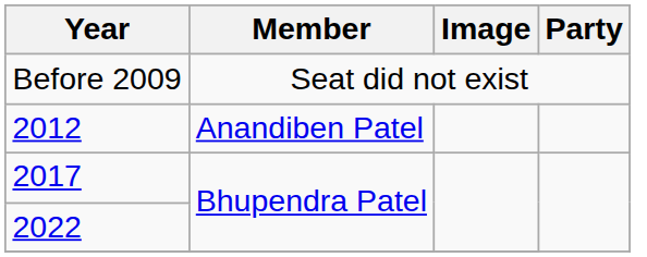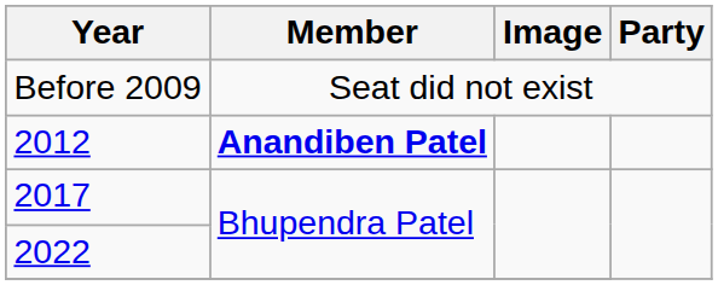 <table class="wikitable sortable">
 <tr>
 <th>Year</th>
 <th>Member</th>
 <th>Image</th>
 <th colspan="2">Party</th>
 </tr>
 <tr>
 <td>Before 2009</td>
 <td colspan=4 align=center>Seat did not exist</td>
 </tr>
 <tr>
 <td><a href='#'>2012</a></td>
-<td><a href='#'>Anandiben Patel</a></td>
+<td><strong><a href='#'>Anandiben Patel</a></strong></td>
 <td></td>
 <td></td>
 </tr>
 <tr>
 <td><a href='#'>2017</a></td>
 <td rowspan=2><a href='#'>Bhupendra Patel</a></td>
 <td rowspan=2></td>
 </tr>
 <tr>
 <td><a href='#'>2022</a></td>
 </tr>
 <tr>
 </tr>
 </table>
